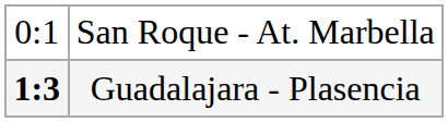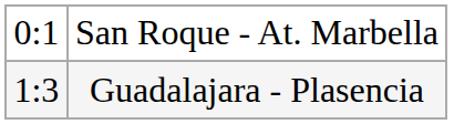 <table class="wikitable">
 <tr align=center bgcolor=white>
 <td>0:1</td>
 <td>San Roque - At. Marbella</td>
 </tr>
 <tr align=center bgcolor=#F5F5F5>
-<td><strong>1:3</strong></td>
+<td>1:3</td>
 <td>Guadalajara - Plasencia</td>
 </tr>
 </table>
